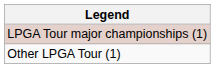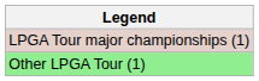 <table class="wikitable" style="font-size:95%;">
 <tr>
 <th>Legend</th>
 </tr>
 <tr style="background:#e5d1cb;">
 <td>LPGA Tour major championships (1)</td>
 </tr>
 <tr>
-<td>Other LPGA Tour (1)</td>
+<td style="background: lightgreen;">Other LPGA Tour (1)</td>
 </tr>
 </table>
